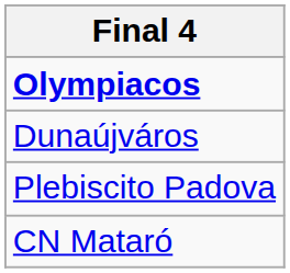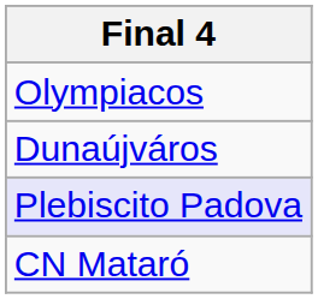 <table class="wikitable">
 <tr>
 <th colspan="5">Final 4</th>
 </tr>
 <tr>
-<td><strong> <a href='#'>Olympiacos</a></strong></td>
+<td> <a href='#'>Olympiacos</a></td>
 </tr>
 <tr>
 <td> <a href='#'>Dunaújváros</a></td>
 </tr>
 <tr>
-<td> <a href='#'>Plebiscito Padova</a></td>
+<td style="background: lavender;"> <a href='#'>Plebiscito Padova</a></td>
 </tr>
 <tr>
 <td> <a href='#'>CN Mataró</a></td>
 </tr>
 </table>
